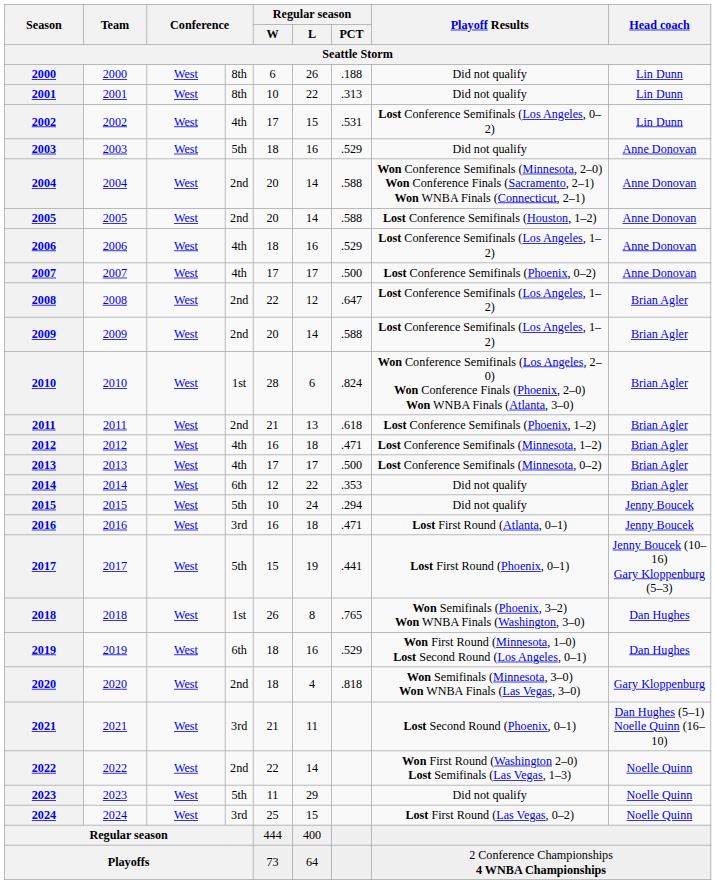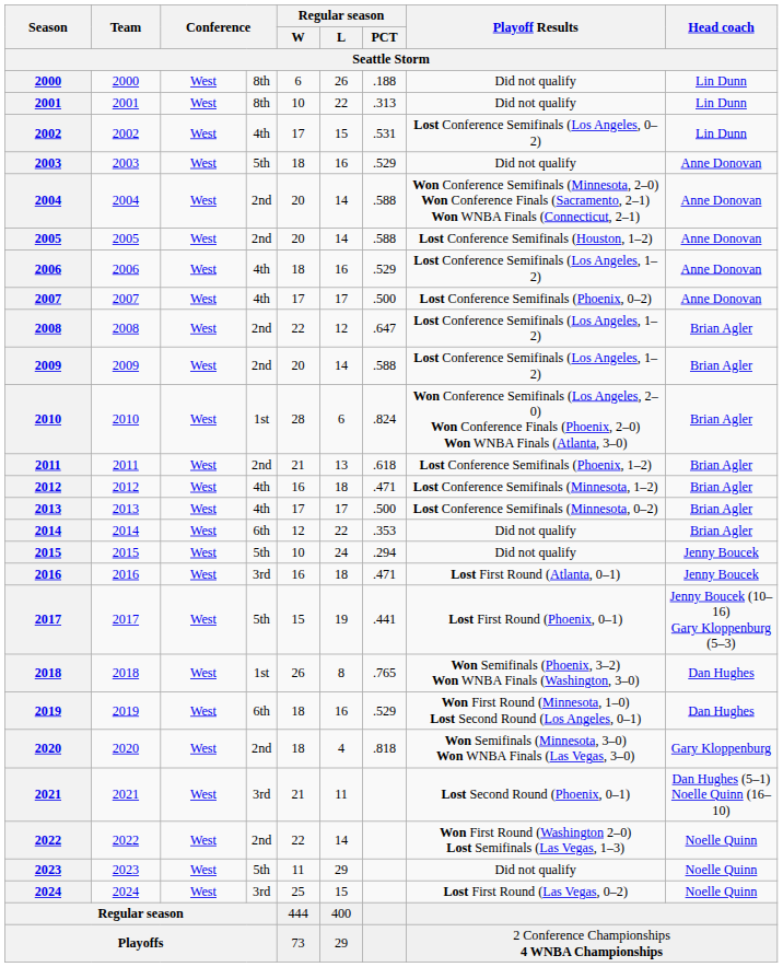 <table class="wikitable" style="margin:1em auto; font-size:95%; text-align: center; min-width: 85%;">
 <tr>
 <th rowspan=2 style="width: 10%;">Season</th>
 <th rowspan=2 style="width: 8%;">Team</th>
 <th rowspan=2 colspan=2 style="width: 12%;">Conference</th>
 <th colspan=3 style="width: 15%;">Regular season</th>
 <th rowspan=2 style="width: 30%;"><a href='#'>Playoff</a> Results</th>
 <th rowspan=2 style="width: 13%;"><a href='#'>Head coach</a></th>
 </tr>
 <tr>
 <th style="width: 5%;">W</th>
 <th style="width: 5%;">L</th>
 <th style="width: 5%;">PCT</th>
 </tr>
 <tr>
 <th colspan=9>Seattle Storm</th>
 </tr>
 <tr>
 <th><a href='#'>2000</a></th>
 <td><a href='#'>2000</a></td>
 <td style="width: 10%"><a href='#'>West</a></td>
 <td>8th</td>
 <td>6</td>
 <td>26</td>
 <td>.188</td>
 <td>Did not qualify</td>
 <td><a href='#'>Lin Dunn</a></td>
 </tr>
 <tr>
 <th><a href='#'>2001</a></th>
 <td><a href='#'>2001</a></td>
 <td style="width: 10%"><a href='#'>West</a></td>
 <td>8th</td>
 <td>10</td>
 <td>22</td>
 <td>.313</td>
 <td>Did not qualify</td>
 <td><a href='#'>Lin Dunn</a></td>
 </tr>
 <tr>
 <th><a href='#'>2002</a></th>
 <td><a href='#'>2002</a></td>
 <td style="width: 10%"><a href='#'>West</a></td>
 <td>4th</td>
 <td>17</td>
 <td>15</td>
 <td>.531</td>
 <td><strong>Lost</strong> Conference Semifinals (<a href='#'>Los Angeles</a>, 0–2)</td>
 <td><a href='#'>Lin Dunn</a></td>
 </tr>
 <tr>
 <th><a href='#'>2003</a></th>
 <td><a href='#'>2003</a></td>
 <td style="width: 10%"><a href='#'>West</a></td>
 <td>5th</td>
 <td>18</td>
 <td>16</td>
 <td>.529</td>
 <td>Did not qualify</td>
 <td><a href='#'>Anne Donovan</a></td>
 </tr>
 <tr>
 <th><a href='#'>2004</a></th>
 <td><a href='#'>2004</a></td>
 <td style="width: 10%"><a href='#'>West</a></td>
 <td>2nd</td>
 <td>20</td>
 <td>14</td>
 <td>.588</td>
 <td><strong>Won</strong> Conference Semifinals (<a href='#'>Minnesota</a>, 2–0)<br><strong>Won</strong> Conference Finals (<a href='#'>Sacramento</a>, 2–1)<br><strong>Won</strong> WNBA Finals (<a href='#'>Connecticut</a>, 2–1)</td>
 <td><a href='#'>Anne Donovan</a></td>
 </tr>
 <tr>
 <th><a href='#'>2005</a></th>
 <td><a href='#'>2005</a></td>
 <td style="width: 10%"><a href='#'>West</a></td>
 <td>2nd</td>
 <td>20</td>
 <td>14</td>
 <td>.588</td>
 <td><strong>Lost</strong> Conference Semifinals (<a href='#'>Houston</a>, 1–2)</td>
 <td><a href='#'>Anne Donovan</a></td>
 </tr>
 <tr>
 <th><a href='#'>2006</a></th>
 <td><a href='#'>2006</a></td>
 <td style="width: 10%"><a href='#'>West</a></td>
 <td>4th</td>
 <td>18</td>
 <td>16</td>
 <td>.529</td>
 <td><strong>Lost</strong> Conference Semifinals (<a href='#'>Los Angeles</a>, 1–2)</td>
 <td><a href='#'>Anne Donovan</a></td>
 </tr>
 <tr>
 <th><a href='#'>2007</a></th>
 <td><a href='#'>2007</a></td>
 <td style="width: 10%"><a href='#'>West</a></td>
 <td>4th</td>
 <td>17</td>
 <td>17</td>
 <td>.500</td>
 <td><strong>Lost</strong> Conference Semifinals (<a href='#'>Phoenix</a>, 0–2)</td>
 <td><a href='#'>Anne Donovan</a></td>
 </tr>
 <tr>
 <th><a href='#'>2008</a></th>
 <td><a href='#'>2008</a></td>
 <td style="width: 10%"><a href='#'>West</a></td>
 <td>2nd</td>
 <td>22</td>
 <td>12</td>
 <td>.647</td>
 <td><strong>Lost</strong> Conference Semifinals (<a href='#'>Los Angeles</a>, 1–2)</td>
 <td><a href='#'>Brian Agler</a></td>
 </tr>
 <tr>
 <th><a href='#'>2009</a></th>
 <td><a href='#'>2009</a></td>
 <td style="width: 10%"><a href='#'>West</a></td>
 <td>2nd</td>
 <td>20</td>
 <td>14</td>
 <td>.588</td>
 <td><strong>Lost</strong> Conference Semifinals (<a href='#'>Los Angeles</a>, 1–2)</td>
 <td><a href='#'>Brian Agler</a></td>
 </tr>
 <tr>
 <th><a href='#'>2010</a></th>
 <td><a href='#'>2010</a></td>
 <td style="width: 10%"><a href='#'>West</a></td>
 <td>1st</td>
 <td>28</td>
 <td>6</td>
 <td>.824</td>
 <td><strong>Won</strong> Conference Semifinals (<a href='#'>Los Angeles</a>, 2–0)<br><strong>Won</strong> Conference Finals (<a href='#'>Phoenix</a>, 2–0)<br><strong>Won</strong> WNBA Finals (<a href='#'>Atlanta</a>, 3–0)</td>
 <td><a href='#'>Brian Agler</a></td>
 </tr>
 <tr>
 <th><a href='#'>2011</a></th>
 <td><a href='#'>2011</a></td>
 <td style="width: 10%"><a href='#'>West</a></td>
 <td>2nd</td>
 <td>21</td>
 <td>13</td>
 <td>.618</td>
 <td><strong>Lost</strong> Conference Semifinals (<a href='#'>Phoenix</a>, 1–2)</td>
 <td><a href='#'>Brian Agler</a></td>
 </tr>
 <tr>
 <th><a href='#'>2012</a></th>
 <td><a href='#'>2012</a></td>
 <td style="width: 10%"><a href='#'>West</a></td>
 <td>4th</td>
 <td>16</td>
 <td>18</td>
 <td>.471</td>
 <td><strong>Lost</strong> Conference Semifinals (<a href='#'>Minnesota</a>, 1–2)</td>
 <td><a href='#'>Brian Agler</a></td>
 </tr>
 <tr>
 <th><a href='#'>2013</a></th>
 <td><a href='#'>2013</a></td>
 <td style="width: 10%"><a href='#'>West</a></td>
 <td>4th</td>
 <td>17</td>
 <td>17</td>
 <td>.500</td>
 <td><strong>Lost</strong> Conference Semifinals (<a href='#'>Minnesota</a>, 0–2)</td>
 <td><a href='#'>Brian Agler</a></td>
 </tr>
 <tr>
 <th><a href='#'>2014</a></th>
 <td><a href='#'>2014</a></td>
 <td style="width: 10%"><a href='#'>West</a></td>
 <td>6th</td>
 <td>12</td>
 <td>22</td>
 <td>.353</td>
 <td>Did not qualify</td>
 <td><a href='#'>Brian Agler</a></td>
 </tr>
 <tr>
 <th><a href='#'>2015</a></th>
 <td><a href='#'>2015</a></td>
 <td style="width: 10%"><a href='#'>West</a></td>
 <td>5th</td>
 <td>10</td>
 <td>24</td>
 <td>.294</td>
 <td>Did not qualify</td>
 <td><a href='#'>Jenny Boucek</a></td>
 </tr>
 <tr>
 <th><a href='#'>2016</a></th>
 <td><a href='#'>2016</a></td>
 <td style="width: 10%"><a href='#'>West</a></td>
 <td>3rd</td>
 <td>16</td>
 <td>18</td>
 <td>.471</td>
 <td><strong>Lost</strong> First Round (<a href='#'>Atlanta</a>, 0–1)</td>
 <td><a href='#'>Jenny Boucek</a></td>
 </tr>
 <tr>
 <th><a href='#'>2017</a></th>
 <td><a href='#'>2017</a></td>
 <td style="width: 10%"><a href='#'>West</a></td>
 <td>5th</td>
 <td>15</td>
 <td>19</td>
 <td>.441</td>
 <td><strong>Lost</strong> First Round (<a href='#'>Phoenix</a>, 0–1)</td>
 <td><a href='#'>Jenny Boucek</a> (10–16)<br><a href='#'>Gary Kloppenburg</a> (5–3)</td>
 </tr>
 <tr>
 <th><a href='#'>2018</a></th>
 <td><a href='#'>2018</a></td>
 <td style="width: 10%"><a href='#'>West</a></td>
 <td>1st</td>
 <td>26</td>
 <td>8</td>
 <td>.765</td>
 <td><strong>Won</strong> Semifinals (<a href='#'>Phoenix</a>, 3–2)<br> <strong>Won</strong> WNBA Finals (<a href='#'>Washington</a>, 3–0)</td>
 <td><a href='#'>Dan Hughes</a></td>
 </tr>
 <tr>
 <th><a href='#'>2019</a></th>
 <td><a href='#'>2019</a></td>
 <td style="width: 10%"><a href='#'>West</a></td>
 <td>6th</td>
 <td>18</td>
 <td>16</td>
 <td>.529</td>
 <td><strong>Won</strong> First Round (<a href='#'>Minnesota</a>, 1–0)<br><strong>Lost</strong> Second Round (<a href='#'>Los Angeles</a>, 0–1)</td>
 <td><a href='#'>Dan Hughes</a></td>
 </tr>
 <tr>
 <th><a href='#'>2020</a></th>
 <td><a href='#'>2020</a></td>
 <td style="width: 10%"><a href='#'>West</a></td>
 <td>2nd</td>
 <td>18</td>
 <td>4</td>
 <td>.818</td>
 <td><strong>Won</strong> Semifinals (<a href='#'>Minnesota</a>, 3–0)<br> <strong>Won</strong> WNBA Finals (<a href='#'>Las Vegas</a>, 3–0)</td>
 <td><a href='#'>Gary Kloppenburg</a></td>
 </tr>
 <tr>
 <th><a href='#'>2021</a></th>
 <td><a href='#'>2021</a></td>
 <td style="width: 10%"><a href='#'>West</a></td>
 <td>3rd</td>
 <td>21</td>
 <td>11</td>
 <td></td>
 <td><strong>Lost</strong> Second Round (<a href='#'>Phoenix</a>, 0–1)</td>
 <td><a href='#'>Dan Hughes</a> (5–1)<br><a href='#'>Noelle Quinn</a> (16–10)</td>
 </tr>
 <tr>
 <th><a href='#'>2022</a></th>
 <td><a href='#'>2022</a></td>
 <td style="width: 10%"><a href='#'>West</a></td>
 <td>2nd</td>
 <td>22</td>
 <td>14</td>
 <td></td>
 <td><strong>Won</strong> First Round (<a href='#'>Washington</a> 2–0)<br><strong>Lost</strong> Semifinals (<a href='#'>Las Vegas</a>, 1–3)</td>
 <td><a href='#'>Noelle Quinn</a></td>
 </tr>
 <tr>
 <th><a href='#'>2023</a></th>
 <td><a href='#'>2023</a></td>
 <td style="width: 10%"><a href='#'>West</a></td>
 <td>5th</td>
 <td>11</td>
 <td>29</td>
 <td></td>
 <td>Did not qualify</td>
 <td><a href='#'>Noelle Quinn</a></td>
 </tr>
 <tr>
 <th><a href='#'>2024</a></th>
 <td><a href='#'>2024</a></td>
 <td style="width: 10%"><a href='#'>West</a></td>
 <td>3rd</td>
 <td>25</td>
 <td>15</td>
 <td></td>
 <td><strong>Lost</strong> First Round (<a href='#'>Las Vegas</a>, 0–2)</td>
 <td><a href='#'>Noelle Quinn</a></td>
 </tr>
 <tr style="background:#f0f0f0">
 <th colspan="4">Regular season</th>
 <td>444</td>
 <td>400</td>
 <td></td>
 <td colspan="2"></td>
 </tr>
 <tr style="background:#f0f0f0">
 <th colspan=4>Playoffs</th>
 <td>73</td>
-<td>64</td>
+<td>29</td>
 <td></td>
 <td colspan=2>2 Conference Championships<br><strong>4 WNBA Championships</strong></td>
 </tr>
 </table>
